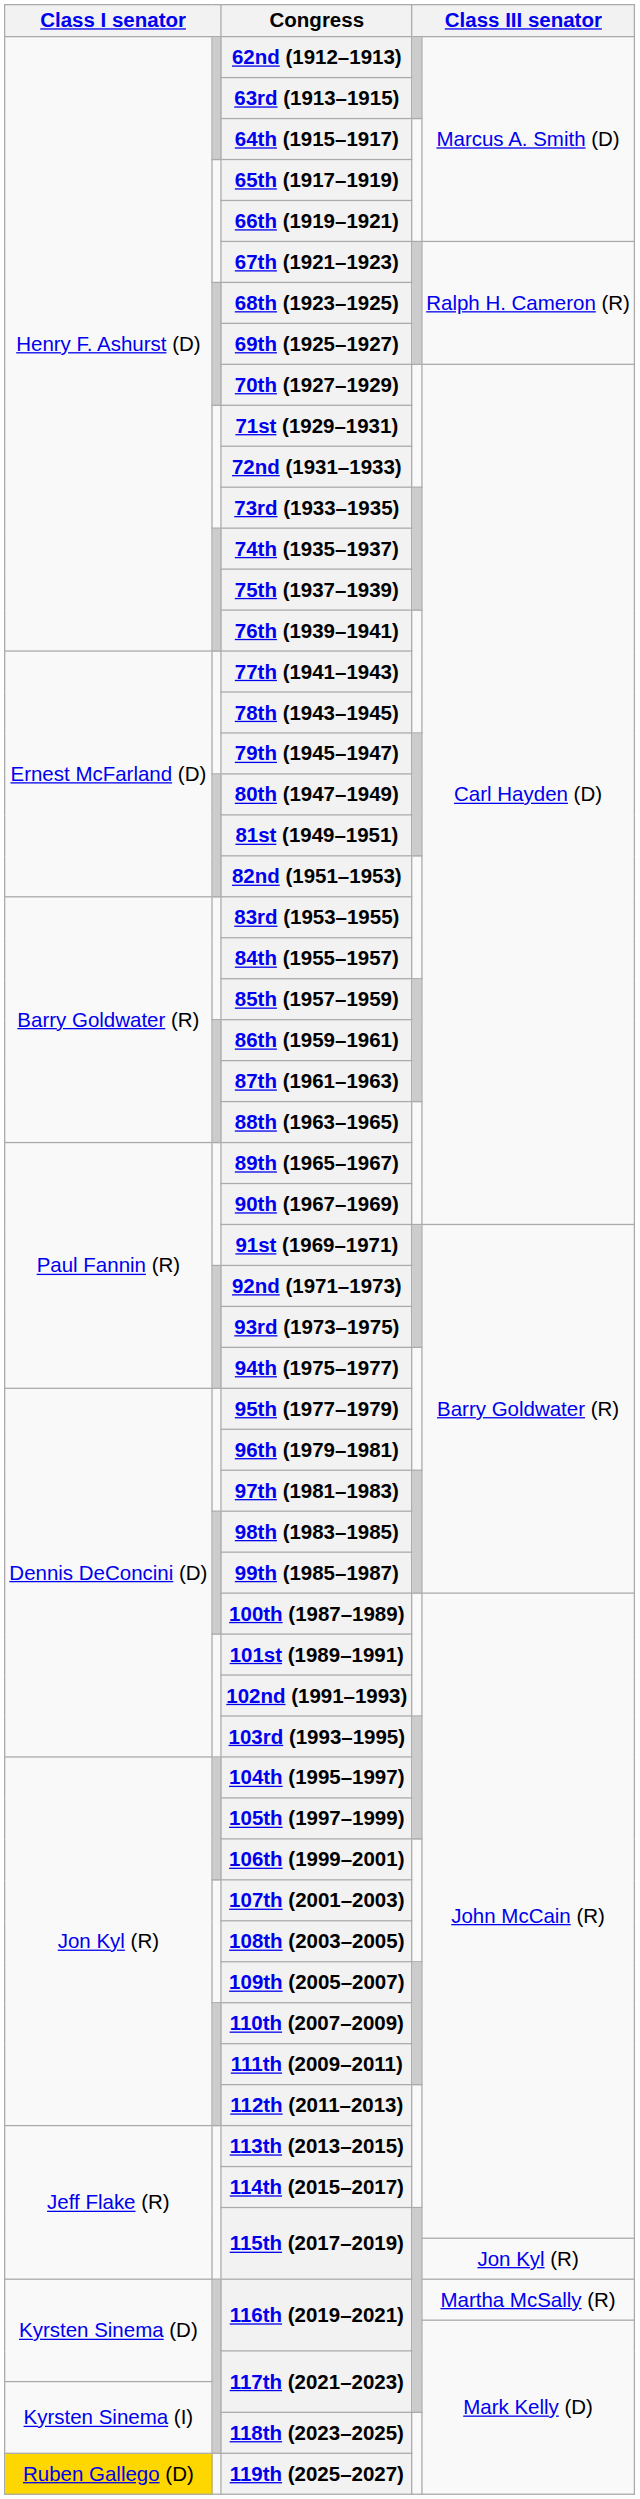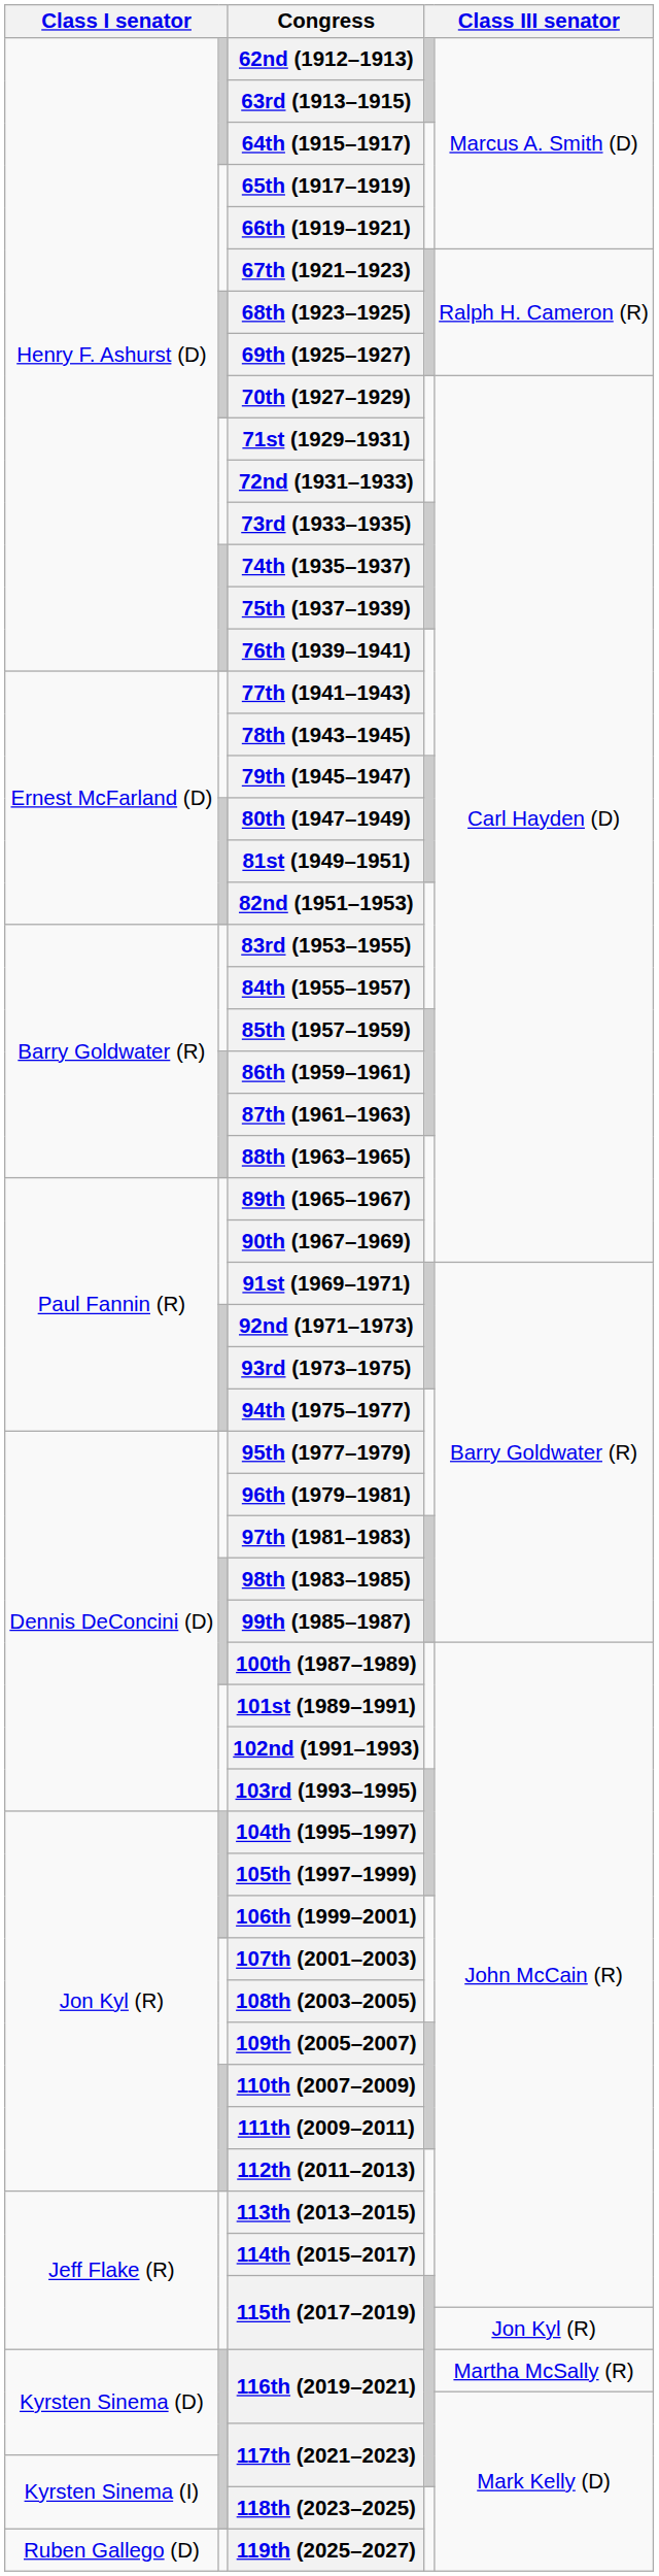 <table class="wikitable sticky-header" style="text-align:center">
 <tr>
 <th scope="col" colspan=2><a href='#'>Class I senator</a></th>
 <th scope="col">Congress</th>
 <th scope="col" colspan=2><a href='#'>Class III senator</a></th>
 </tr>
 <tr style="height:2em">
 <td rowspan="15" ><a href='#'>Henry F. Ashurst</a> (D)</td>
 <td rowspan=3 bgcolor=#cccccc></td>
 <th scope="row"><a href='#'>62nd</a> (1912–1913) </th>
 <td rowspan=2 bgcolor=#cccccc></td>
 <td rowspan=5 ><a href='#'>Marcus A. Smith</a> (D)</td>
 </tr>
 <tr style="height:2em">
 <th scope="row"><a href='#'>63rd</a> (1913–1915)</th>
 </tr>
 <tr style="height:2em">
 <th scope="row"><a href='#'>64th</a> (1915–1917)</th>
 <td rowspan=3></td>
 </tr>
 <tr style="height:2em">
 <td rowspan=3></td>
 <th scope="row"><a href='#'>65th</a> (1917–1919)</th>
 </tr>
 <tr style="height:2em">
 <th scope="row"><a href='#'>66th</a> (1919–1921)</th>
 </tr>
 <tr style="height:2em">
 <th scope="row"><a href='#'>67th</a> (1921–1923)</th>
 <td rowspan=3 bgcolor=#cccccc></td>
 <td rowspan=3 ><a href='#'>Ralph H. Cameron</a> (R)</td>
 </tr>
 <tr style="height:2em">
 <td rowspan=3 bgcolor=#cccccc></td>
 <th scope="row"><a href='#'>68th</a> (1923–1925)</th>
 </tr>
 <tr style="height:2em">
 <th scope="row"><a href='#'>69th</a> (1925–1927)</th>
 </tr>
 <tr style="height:2em">
 <th scope="row"><a href='#'>70th</a> (1927–1929)</th>
 <td rowspan=3></td>
 <td rowspan=21 ><a href='#'>Carl Hayden</a> (D)</td>
 </tr>
 <tr style="height:2em">
 <td rowspan=3></td>
 <th scope="row"><a href='#'>71st</a> (1929–1931)</th>
 </tr>
 <tr style="height:2em">
 <th scope="row"><a href='#'>72nd</a> (1931–1933)</th>
 </tr>
 <tr style="height:2em">
 <th scope="row"><a href='#'>73rd</a> (1933–1935)</th>
 <td rowspan=3 bgcolor=#cccccc></td>
 </tr>
 <tr style="height:2em">
 <td rowspan=3 bgcolor=#cccccc></td>
 <th scope="row"><a href='#'>74th</a> (1935–1937)</th>
 </tr>
 <tr style="height:2em">
 <th scope="row"><a href='#'>75th</a> (1937–1939)</th>
 </tr>
 <tr style="height:2em">
 <th scope="row"><a href='#'>76th</a> (1939–1941)</th>
 <td rowspan=3></td>
 </tr>
 <tr style="height:2em">
 <td rowspan=6 ><a href='#'>Ernest McFarland</a> (D)</td>
 <td rowspan=3></td>
 <th scope="row"><a href='#'>77th</a> (1941–1943)</th>
 </tr>
 <tr style="height:2em">
 <th scope="row"><a href='#'>78th</a> (1943–1945)</th>
 </tr>
 <tr style="height:2em">
 <th scope="row"><a href='#'>79th</a> (1945–1947)</th>
 <td rowspan=3 bgcolor=#cccccc></td>
 </tr>
 <tr style="height:2em">
 <td rowspan=3 bgcolor=#cccccc></td>
 <th scope="row"><a href='#'>80th</a> (1947–1949)</th>
 </tr>
 <tr style="height:2em">
 <th scope="row"><a href='#'>81st</a> (1949–1951)</th>
 </tr>
 <tr style="height:2em">
 <th scope="row"><a href='#'>82nd</a> (1951–1953)</th>
 <td rowspan=3></td>
 </tr>
 <tr style="height:2em">
 <td rowspan=6 ><a href='#'>Barry Goldwater</a> (R)</td>
 <td rowspan=3></td>
 <th scope="row"><a href='#'>83rd</a> (1953–1955)</th>
 </tr>
 <tr style="height:2em">
 <th scope="row"><a href='#'>84th</a> (1955–1957)</th>
 </tr>
 <tr style="height:2em">
 <th scope="row"><a href='#'>85th</a> (1957–1959)</th>
 <td rowspan=3 bgcolor=#cccccc></td>
 </tr>
 <tr style="height:2em">
 <td rowspan=3 bgcolor=#cccccc></td>
 <th scope="row"><a href='#'>86th</a> (1959–1961)</th>
 </tr>
 <tr style="height:2em">
 <th scope="row"><a href='#'>87th</a> (1961–1963)</th>
 </tr>
 <tr style="height:2em">
 <th scope="row"><a href='#'>88th</a> (1963–1965)</th>
 <td rowspan=3></td>
 </tr>
 <tr style="height:2em">
 <td rowspan=6 ><a href='#'>Paul Fannin</a> (R)</td>
 <td rowspan=3></td>
 <th scope="row"><a href='#'>89th</a> (1965–1967)</th>
 </tr>
 <tr style="height:2em">
 <th scope="row"><a href='#'>90th</a> (1967–1969)</th>
 </tr>
 <tr style="height:2em">
 <th scope="row"><a href='#'>91st</a> (1969–1971)</th>
 <td rowspan=3 bgcolor=#cccccc></td>
 <td rowspan=9 ><a href='#'>Barry Goldwater</a> (R)</td>
 </tr>
 <tr style="height:2em">
 <td rowspan=3 bgcolor=#cccccc></td>
 <th scope="row"><a href='#'>92nd</a> (1971–1973)</th>
 </tr>
 <tr style="height:2em">
 <th scope="row"><a href='#'>93rd</a> (1973–1975)</th>
 </tr>
 <tr style="height:2em">
 <th scope="row"><a href='#'>94th</a> (1975–1977)</th>
 <td rowspan=3></td>
 </tr>
 <tr style="height:2em">
 <td rowspan=9 ><a href='#'>Dennis DeConcini</a> (D)</td>
 <td rowspan=3></td>
 <th scope="row"><a href='#'>95th</a> (1977–1979)</th>
 </tr>
 <tr style="height:2em">
 <th scope="row"><a href='#'>96th</a> (1979–1981)</th>
 </tr>
 <tr style="height:2em">
 <th scope="row"><a href='#'>97th</a> (1981–1983)</th>
 <td rowspan=3 bgcolor=#cccccc></td>
 </tr>
 <tr style="height:2em">
 <td rowspan=3 bgcolor=#cccccc></td>
 <th scope="row"><a href='#'>98th</a> (1983–1985)</th>
 </tr>
 <tr style="height:2em">
 <th scope="row"><a href='#'>99th</a> (1985–1987)</th>
 </tr>
 <tr style="height:2em">
 <th scope="row"><a href='#'>100th</a> (1987–1989)</th>
 <td rowspan=3></td>
 <td rowspan=16 ><a href='#'>John McCain</a> (R)</td>
 </tr>
 <tr style="height:2em">
 <td rowspan=3></td>
 <th scope="row"><a href='#'>101st</a> (1989–1991)</th>
 </tr>
 <tr style="height:2em">
 <th scope="row"><a href='#'>102nd</a> (1991–1993)</th>
 </tr>
 <tr style="height:2em">
 <th scope="row"><a href='#'>103rd</a> (1993–1995)</th>
 <td rowspan=3 bgcolor=#cccccc></td>
 </tr>
 <tr style="height:2em">
 <td rowspan=9 ><a href='#'>Jon Kyl</a> (R)</td>
 <td rowspan=3 bgcolor=#cccccc></td>
 <th scope="row"><a href='#'>104th</a> (1995–1997)</th>
 </tr>
 <tr style="height:2em">
 <th scope="row"><a href='#'>105th</a> (1997–1999)</th>
 </tr>
 <tr style="height:2em">
 <th scope="row"><a href='#'>106th</a> (1999–2001)</th>
 <td rowspan=3></td>
 </tr>
 <tr style="height:2em">
 <td rowspan=3></td>
 <th scope="row"><a href='#'>107th</a> (2001–2003)</th>
 </tr>
 <tr style="height:2em">
 <th scope="row"><a href='#'>108th</a> (2003–2005)</th>
 </tr>
 <tr style="height:2em">
 <th scope="row"><a href='#'>109th</a> (2005–2007)</th>
 <td rowspan=3 bgcolor=#cccccc></td>
 </tr>
 <tr style="height:2em">
 <td rowspan=3 bgcolor=#cccccc></td>
 <th scope="row"><a href='#'>110th</a> (2007–2009)</th>
 </tr>
 <tr style="height:2em">
 <th scope="row"><a href='#'>111th</a> (2009–2011)</th>
 </tr>
 <tr style="height:2em">
 <th scope="row"><a href='#'>112th</a> (2011–2013)</th>
 <td rowspan=3></td>
 </tr>
 <tr style="height:2em">
 <td rowspan=4 ><a href='#'>Jeff Flake</a> (R)</td>
 <td rowspan=4></td>
 <th scope="row"><a href='#'>113th</a> (2013–2015)</th>
 </tr>
 <tr style="height:2em">
 <th scope="row"><a href='#'>114th</a> (2015–2017)</th>
 </tr>
 <tr style="height:1.5em">
 <th scope="row" rowspan=2><a href='#'>115th</a> (2017–2019)</th>
 <td rowspan=6 bgcolor=#cccccc></td>
 </tr>
 <tr style="height:2em">
 <td rowspan=1 ><a href='#'>Jon Kyl</a> (R)</td>
 </tr>
 <tr style="height:2em">
 <td rowspan=3 ><a href='#'>Kyrsten Sinema</a> (D)</td>
 <td rowspan=5 bgcolor=#cccccc></td>
 <th scope="row" rowspan=2><a href='#'>116th</a> (2019–2021)</th>
 <td rowspan=1 ><a href='#'>Martha McSally</a> (R)</td>
 </tr>
 <tr style="height:1.5em">
 <td rowspan=5 ><a href='#'>Mark Kelly</a> (D)</td>
 </tr>
 <tr style="height:1.5em">
 <th scope="row"  rowspan=2><a href='#'>117th</a> (2021–2023)</th>
 </tr>
 <tr style="height:1.5em">
 <td rowspan=2 ><a href='#'>Kyrsten Sinema</a> (I)</td>
 </tr>
 <tr style="height:2em">
 <th scope="row"><a href='#'>118th</a> (2023–2025)</th>
 <td rowspan=2></td>
 </tr>
 <tr style="height:2em">
-<td style="background: gold;"><a href='#'>Ruben Gallego</a> (D)</td>
+<td><a href='#'>Ruben Gallego</a> (D)</td>
 <td rowspan=1></td>
 <th scope="row"><a href='#'>119th</a> (2025–2027)</th>
 </tr>
 </table>
